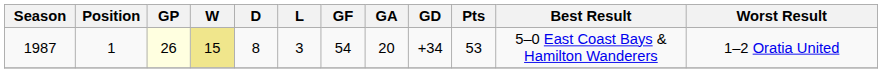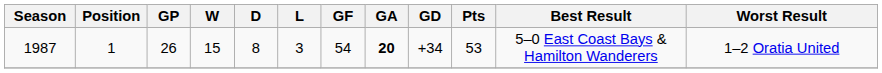 <table class="wikitable sortable">
 <tr>
 <th width=70>Season</th>
 <th width=70>Position</th>
 <th width=40>GP</th>
 <th width=40>W</th>
 <th width=40>D</th>
 <th width=40>L</th>
 <th width=40>GF</th>
 <th width=40>GA</th>
 <th width=40>GD</th>
 <th width=40>Pts</th>
 <th width=200 class="unsortable">Best Result</th>
 <th width=200 class="unsortable">Worst Result</th>
 </tr>
 <tr>
 <td align=center>1987</td>
 <td align=center>1</td>
-<td align=center style="background: lightyellow;">26</td>
-<td align=center style="background: khaki;">15</td>
+<td align=center>26</td>
+<td align=center>15</td>
 <td align=center>8</td>
 <td align=center>3</td>
 <td align=center>54</td>
-<td align=center>20</td>
+<td align=center><strong>20</strong></td>
 <td align=center>+34</td>
 <td align=center>53</td>
 <td align=center>5–0 <a href='#'>East Coast Bays</a> & <a href='#'>Hamilton Wanderers</a></td>
 <td align=center>1–2 <a href='#'>Oratia United</a></td>
 </tr>
 <tr>
 </tr>
 </table>
